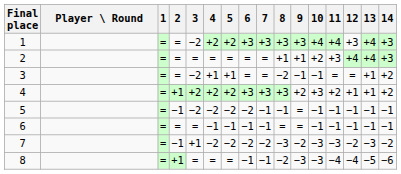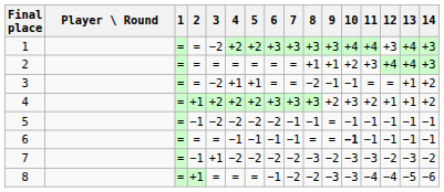 <table class="wikitable" style="font-size:100%; text-align:center; white-space: nowrap;">
 <tr>
 <th>Final<br>place</th>
 <th style="width:140px;">Player \ Round</th>
 <th>1</th>
 <th>2</th>
 <th>3</th>
 <th>4</th>
 <th>5</th>
 <th>6</th>
 <th>7</th>
 <th>8</th>
 <th>9</th>
 <th>10</th>
 <th>11</th>
 <th>12</th>
 <th>13</th>
 <th>14</th>
 </tr>
 <tr>
 <td>1</td>
 <td align=left></td>
 <td bgcolor=#ccffcc>=</td>
 <td>=</td>
 <td>−2</td>
 <td bgcolor=#ccffcc>+2</td>
 <td bgcolor=#ccffcc>+2</td>
 <td bgcolor=#ccffcc>+3</td>
 <td bgcolor=#ccffcc>+3</td>
 <td bgcolor=#ccffcc>+3</td>
 <td bgcolor=#ccffcc>+3</td>
 <td bgcolor=#ccffcc>+4</td>
 <td bgcolor=#ccffcc>+4</td>
 <td>+3</td>
 <td bgcolor=#ccffcc>+4</td>
 <td bgcolor=#ccffcc>+3</td>
 </tr>
 <tr>
 <td>2</td>
 <td align=left></td>
 <td bgcolor=#ccffcc>=</td>
 <td>=</td>
 <td>=</td>
 <td>=</td>
 <td>=</td>
 <td>=</td>
 <td>=</td>
 <td>+1</td>
 <td>+1</td>
 <td>+2</td>
 <td>+3</td>
 <td bgcolor=#ccffcc>+4</td>
 <td bgcolor=#ccffcc>+4</td>
 <td bgcolor=#ccffcc>+3</td>
 </tr>
 <tr>
 <td>3</td>
 <td align=left></td>
 <td bgcolor=#ccffcc>=</td>
 <td>=</td>
 <td>−2</td>
 <td>+1</td>
 <td>+1</td>
 <td>=</td>
 <td>=</td>
 <td>−2</td>
 <td>−1</td>
 <td>−1</td>
 <td>=</td>
 <td>=</td>
 <td>+1</td>
 <td>+2</td>
 </tr>
 <tr>
 <td>4</td>
 <td align=left></td>
 <td bgcolor=#ccffcc>=</td>
 <td bgcolor=#ccffcc>+1</td>
 <td bgcolor=#ccffcc>+2</td>
 <td bgcolor=#ccffcc>+2</td>
 <td bgcolor=#ccffcc>+2</td>
 <td bgcolor=#ccffcc>+3</td>
 <td bgcolor=#ccffcc>+3</td>
 <td bgcolor=#ccffcc>+3</td>
 <td>+2</td>
 <td>+3</td>
 <td>+2</td>
 <td>+1</td>
 <td>+1</td>
 <td>+2</td>
 </tr>
 <tr>
 <td>5</td>
 <td align=left></td>
 <td bgcolor=#ccffcc>=</td>
 <td>−1</td>
 <td>−2</td>
 <td>−2</td>
 <td>−2</td>
 <td>−2</td>
 <td>−1</td>
 <td>−1</td>
 <td>=</td>
 <td>−1</td>
 <td>−1</td>
 <td>−1</td>
 <td>−1</td>
 <td>−1</td>
 </tr>
 <tr>
 <td>6</td>
 <td align=left></td>
 <td bgcolor=#ccffcc>=</td>
 <td>=</td>
 <td>=</td>
 <td>−1</td>
 <td>−1</td>
 <td>−1</td>
 <td>−1</td>
 <td>=</td>
 <td>=</td>
-<td>−1</td>
+<td><strong>−1</strong></td>
 <td>−1</td>
 <td>−1</td>
 <td>−1</td>
 <td>−1</td>
 </tr>
 <tr>
 <td>7</td>
 <td align=left></td>
 <td bgcolor=#ccffcc>=</td>
 <td>−1</td>
 <td>+1</td>
 <td>−2</td>
 <td>−2</td>
 <td>−2</td>
 <td>−2</td>
 <td>−3</td>
 <td>−2</td>
 <td>−3</td>
 <td>−3</td>
 <td>−2</td>
 <td>−3</td>
 <td>−2</td>
 </tr>
 <tr>
 <td>8</td>
 <td align=left></td>
 <td bgcolor=#ccffcc>=</td>
 <td bgcolor=#ccffcc>+1</td>
 <td>=</td>
 <td>=</td>
 <td>=</td>
 <td>−1</td>
-<td>−1</td>
+<td>−2</td>
 <td>−2</td>
 <td>−3</td>
 <td>−3</td>
 <td>−4</td>
 <td>−4</td>
 <td>−5</td>
 <td>−6</td>
 </tr>
 </table>
